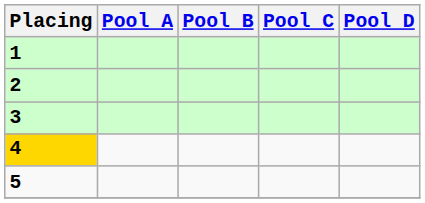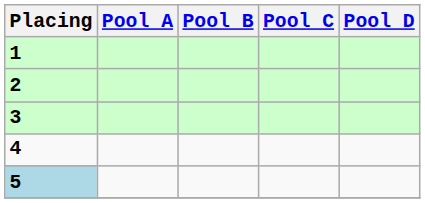 <table class=wikitable style="border:1px solid #AAAAAA;">
 <tr>
 <th>Placing</th>
 <th><a href='#'>Pool A</a></th>
 <th><a href='#'>Pool B</a></th>
 <th><a href='#'>Pool C</a></th>
 <th><a href='#'>Pool D</a></th>
 </tr>
 <tr style="background: #ccffcc;">
 <td><strong>1</strong></td>
 <td></td>
 <td></td>
 <td></td>
 <td></td>
 </tr>
 <tr style="background: #ccffcc;">
 <td><strong>2</strong></td>
 <td></td>
 <td></td>
 <td></td>
 <td></td>
 </tr>
 <tr style="background: #ccffcc;">
 <td><strong>3</strong></td>
 <td></td>
 <td></td>
 <td></td>
 <td></td>
 </tr>
 <tr>
-<td style="background: gold;"><strong>4</strong></td>
+<td><strong>4</strong></td>
 <td></td>
 <td></td>
 <td></td>
 <td></td>
 </tr>
 <tr>
-<td><strong>5</strong></td>
+<td style="background: lightblue;"><strong>5</strong></td>
 <td> </td>
 <td></td>
 <td> </td>
 <td> </td>
 </tr>
 <tr>
 </tr>
 </table>
